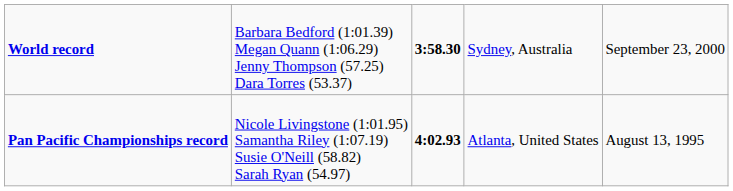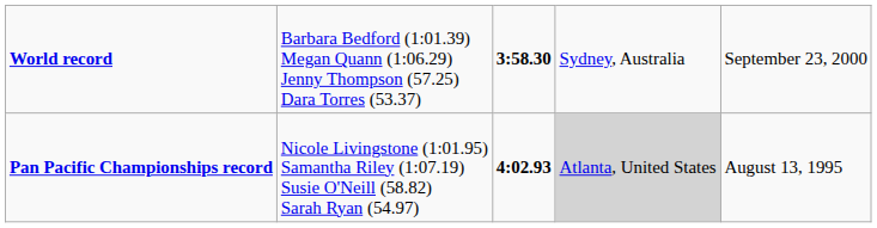 <table class="wikitable">
 <tr>
 <td><strong><a href='#'>World record</a></strong></td>
 <td><br><a href='#'>Barbara Bedford</a> (1:01.39)<br><a href='#'>Megan Quann</a> (1:06.29)<br><a href='#'>Jenny Thompson</a> (57.25)<br><a href='#'>Dara Torres</a> (53.37)</td>
 <td><strong>3:58.30</strong></td>
 <td><a href='#'>Sydney</a>, Australia</td>
 <td>September 23, 2000</td>
 </tr>
 <tr>
 <td><strong><a href='#'>Pan Pacific Championships record</a></strong></td>
 <td><br><a href='#'>Nicole Livingstone</a> (1:01.95)<br><a href='#'>Samantha Riley</a> (1:07.19)<br><a href='#'>Susie O'Neill</a> (58.82)<br><a href='#'>Sarah Ryan</a> (54.97)</td>
 <td><strong>4:02.93</strong></td>
-<td><a href='#'>Atlanta</a>, United States</td>
+<td style="background: lightgrey;"><a href='#'>Atlanta</a>, United States</td>
 <td>August 13, 1995</td>
 </tr>
 </table>
